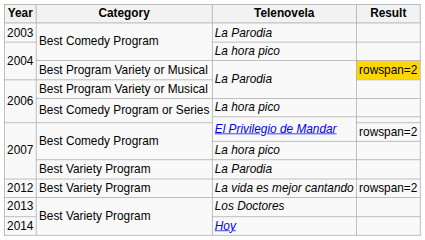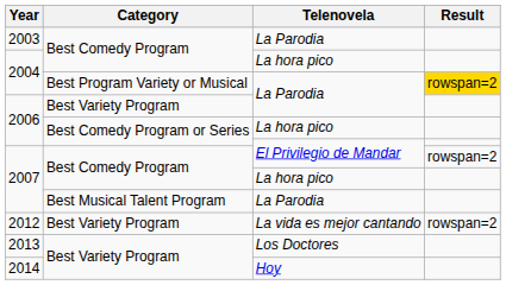 <table class="wikitable">
 <tr style="background:#b0c4de;">
 <th>Year</th>
 <th>Category</th>
 <th>Telenovela</th>
 <th>Result</th>
 </tr>
 <tr>
 <td>2003</td>
 <td rowspan=2>Best Comedy Program</td>
 <td><em>La Parodia</em></td>
 <td></td>
 </tr>
 <tr>
 <td rowspan=2>2004</td>
 <td><em>La hora pico</em></td>
 <td></td>
 </tr>
 <tr>
 <td>Best Program Variety or Musical</td>
 <td rowspan=2><em>La Parodia</em></td>
 <td style="background: gold;">rowspan=2 </td>
 </tr>
 <tr>
 <td rowspan=3>2006</td>
-<td>Best Program Variety or Musical</td>
+<td>Best Variety Program</td>
 </tr>
 <tr>
 <td rowspan=2>Best Comedy Program or Series</td>
 <td><em>La hora pico</em></td>
 <td></td>
 </tr>
 <tr>
 <td rowspan=2><em><a href='#'>El Privilegio de Mandar</a></em></td>
 <td></td>
 </tr>
 <tr>
 <td rowspan=3>2007</td>
 <td rowspan=2>Best Comedy Program</td>
 <td>rowspan=2  </td>
 </tr>
 <tr>
 <td><em>La hora pico</em></td>
 </tr>
 <tr>
-<td>Best Variety Program</td>
+<td>Best Musical Talent Program</td>
 <td><em>La Parodia</em></td>
 <td></td>
 </tr>
 <tr>
 <td>2012</td>
 <td>Best Variety Program</td>
 <td><em>La vida es mejor cantando</em></td>
 <td>rowspan=2 </td>
 </tr>
 <tr>
 <td>2013</td>
 <td rowspan=2>Best Variety Program</td>
 <td><em>Los Doctores</em></td>
 </tr>
 <tr>
 <td>2014</td>
 <td><em><a href='#'>Hoy</a></em></td>
 <td></td>
 </tr>
 </table>
